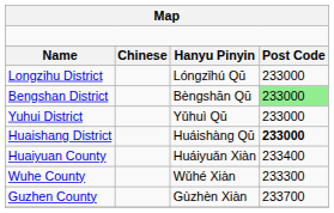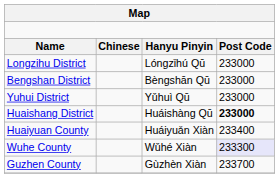 <table class="wikitable" style="font-size:90%;">
 <tr>
 <th colspan="6">Map</th>
 </tr>
 <tr>
 <td colspan="6"><div><br>          </div></td>
 </tr>
 <tr>
 <th>Name</th>
 <th>Chinese</th>
 <th>Hanyu Pinyin</th>
 <th>Post Code</th>
 </tr>
 <tr>
 <td><a href='#'>Longzihu District</a></td>
 <td></td>
 <td>Lóngzǐhú Qū</td>
 <td>233000</td>
 </tr>
 <tr>
 <td><a href='#'>Bengshan District</a></td>
 <td></td>
 <td>Bèngshān Qū</td>
-<td style="background: lightgreen;">233000</td>
+<td>233000</td>
 </tr>
 <tr>
 <td><a href='#'>Yuhui District</a></td>
 <td></td>
 <td>Yǔhuì Qū</td>
 <td>233000</td>
 </tr>
 <tr>
 <td><a href='#'>Huaishang District</a></td>
 <td></td>
 <td>Huáishàng Qū</td>
 <td><strong>233000</strong></td>
 </tr>
 <tr>
 <td><a href='#'>Huaiyuan County</a></td>
 <td></td>
 <td>Huáiyuǎn Xiàn</td>
 <td>233400</td>
 </tr>
 <tr>
 <td><a href='#'>Wuhe County</a></td>
 <td></td>
 <td>Wǔhé Xiàn</td>
-<td>233300</td>
+<td style="background: lavender;">233300</td>
 </tr>
 <tr>
 <td><a href='#'>Guzhen County</a></td>
 <td></td>
 <td>Gùzhèn Xiàn</td>
 <td>233700</td>
 </tr>
 <tr>
 </tr>
 </table>
